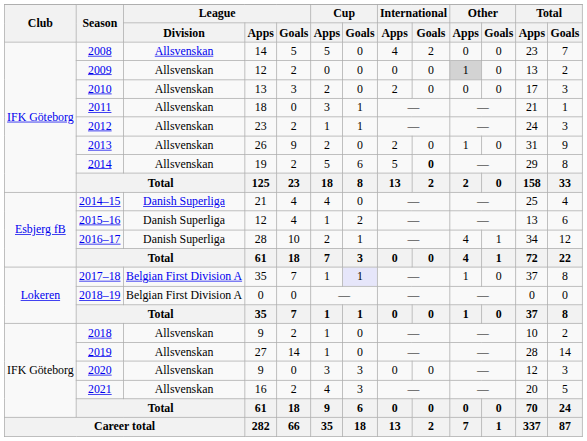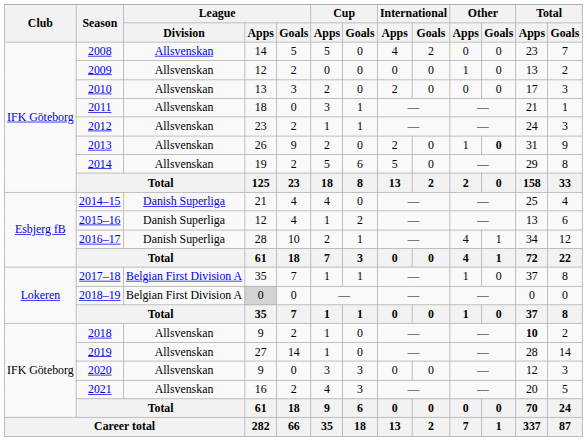 <table class="wikitable" style="text-align:center">
 <tr>
 </tr>
 <tr>
 <th rowspan="2">Club</th>
 <th rowspan="2">Season</th>
 <th colspan="3">League</th>
 <th colspan="2">Cup</th>
 <th colspan="2">International</th>
 <th colspan="2">Other</th>
 <th colspan="2">Total</th>
 </tr>
 <tr>
 <th>Division</th>
 <th>Apps</th>
 <th>Goals</th>
 <th>Apps</th>
 <th>Goals</th>
 <th>Apps</th>
 <th>Goals</th>
 <th>Apps</th>
 <th>Goals</th>
 <th>Apps</th>
 <th>Goals</th>
 </tr>
 <tr>
 <td rowspan="8"><a href='#'>IFK Göteborg</a></td>
 <td><a href='#'>2008</a></td>
 <td><a href='#'>Allsvenskan</a></td>
 <td>14</td>
 <td>5</td>
 <td>5</td>
 <td>0</td>
 <td>4</td>
 <td>2</td>
 <td>0</td>
 <td>0</td>
 <td>23</td>
 <td>7</td>
 </tr>
 <tr>
 <td><a href='#'>2009</a></td>
 <td>Allsvenskan</td>
 <td>12</td>
 <td>2</td>
 <td>0</td>
 <td>0</td>
 <td>0</td>
 <td>0</td>
-<td style="background: lightgrey;">1</td>
+<td>1</td>
 <td>0</td>
 <td>13</td>
 <td>2</td>
 </tr>
 <tr>
 <td><a href='#'>2010</a></td>
 <td>Allsvenskan</td>
 <td>13</td>
 <td>3</td>
 <td>2</td>
 <td>0</td>
 <td>2</td>
 <td>0</td>
 <td>0</td>
 <td>0</td>
 <td>17</td>
 <td>3</td>
 </tr>
 <tr>
 <td><a href='#'>2011</a></td>
 <td>Allsvenskan</td>
 <td>18</td>
 <td>0</td>
 <td>3</td>
 <td>1</td>
 <td colspan="2">—</td>
 <td colspan="2">—</td>
 <td>21</td>
 <td>1</td>
 </tr>
 <tr>
 <td><a href='#'>2012</a></td>
 <td>Allsvenskan</td>
 <td>23</td>
 <td>2</td>
 <td>1</td>
 <td>1</td>
 <td colspan="2">—</td>
 <td colspan="2">—</td>
 <td>24</td>
 <td>3</td>
 </tr>
 <tr>
 <td><a href='#'>2013</a></td>
 <td>Allsvenskan</td>
 <td>26</td>
 <td>9</td>
 <td>2</td>
 <td>0</td>
 <td>2</td>
 <td>0</td>
 <td>1</td>
-<td>0</td>
+<td><strong>0</strong></td>
 <td>31</td>
 <td>9</td>
 </tr>
 <tr>
 <td><a href='#'>2014</a></td>
 <td>Allsvenskan</td>
 <td>19</td>
 <td>2</td>
 <td>5</td>
 <td>6</td>
 <td>5</td>
-<td><strong>0</strong></td>
+<td>0</td>
 <td colspan="2">—</td>
 <td>29</td>
 <td>8</td>
 </tr>
 <tr>
 <th colspan="2">Total</th>
 <th>125</th>
 <th>23</th>
 <th>18</th>
 <th>8</th>
 <th>13</th>
 <th>2</th>
 <th>2</th>
 <th>0</th>
 <th>158</th>
 <th>33</th>
 </tr>
 <tr>
 <td rowspan="4"><a href='#'>Esbjerg fB</a></td>
 <td><a href='#'>2014–15</a></td>
 <td><a href='#'>Danish Superliga</a></td>
 <td>21</td>
 <td>4</td>
 <td>4</td>
 <td>0</td>
 <td colspan="2">—</td>
 <td colspan="2">—</td>
 <td>25</td>
 <td>4</td>
 </tr>
 <tr>
 <td><a href='#'>2015–16</a></td>
 <td>Danish Superliga</td>
 <td>12</td>
 <td>4</td>
 <td>1</td>
 <td>2</td>
 <td colspan="2">—</td>
 <td colspan="2">—</td>
 <td>13</td>
 <td>6</td>
 </tr>
 <tr>
 <td><a href='#'>2016–17</a></td>
 <td>Danish Superliga</td>
 <td>28</td>
 <td>10</td>
 <td>2</td>
 <td>1</td>
 <td colspan="2">—</td>
 <td>4</td>
 <td>1</td>
 <td>34</td>
 <td>12</td>
 </tr>
 <tr>
 <th colspan="2">Total</th>
 <th>61</th>
 <th>18</th>
 <th>7</th>
 <th>3</th>
 <th>0</th>
 <th>0</th>
 <th>4</th>
 <th>1</th>
 <th>72</th>
 <th>22</th>
 </tr>
 <tr>
 <td rowspan="3"><a href='#'>Lokeren</a></td>
 <td><a href='#'>2017–18</a></td>
 <td><a href='#'>Belgian First Division A</a></td>
 <td>35</td>
 <td>7</td>
 <td>1</td>
-<td style="background: lavender;">1</td>
+<td>1</td>
 <td colspan="2">—</td>
 <td>1</td>
 <td>0</td>
 <td>37</td>
 <td>8</td>
 </tr>
 <tr>
 <td><a href='#'>2018–19</a></td>
 <td>Belgian First Division A</td>
-<td>0</td>
+<td style="background: lightgrey;">0</td>
 <td>0</td>
 <td colspan="2">—</td>
 <td colspan="2">—</td>
 <td colspan="2">—</td>
 <td>0</td>
 <td>0</td>
 </tr>
 <tr>
 <th colspan="2">Total</th>
 <th>35</th>
 <th>7</th>
 <th>1</th>
 <th>1</th>
 <th>0</th>
 <th>0</th>
 <th>1</th>
 <th>0</th>
 <th>37</th>
 <th>8</th>
 </tr>
 <tr>
 <td rowspan="5">IFK Göteborg</td>
 <td><a href='#'>2018</a></td>
 <td>Allsvenskan</td>
 <td>9</td>
 <td>2</td>
 <td>1</td>
 <td>0</td>
 <td colspan="2">—</td>
 <td colspan="2">—</td>
-<td>10</td>
+<td><strong>10</strong></td>
 <td>2</td>
 </tr>
 <tr>
 <td><a href='#'>2019</a></td>
 <td>Allsvenskan</td>
 <td>27</td>
 <td>14</td>
 <td>1</td>
 <td>0</td>
 <td colspan="2">—</td>
 <td colspan="2">—</td>
 <td>28</td>
 <td>14</td>
 </tr>
 <tr>
 <td><a href='#'>2020</a></td>
 <td>Allsvenskan</td>
 <td>9</td>
 <td>0</td>
 <td>3</td>
 <td>3</td>
 <td>0</td>
 <td>0</td>
 <td colspan="2">—</td>
 <td>12</td>
 <td>3</td>
 </tr>
 <tr>
 <td><a href='#'>2021</a></td>
 <td>Allsvenskan</td>
 <td>16</td>
 <td>2</td>
 <td>4</td>
 <td>3</td>
 <td colspan="2">—</td>
 <td colspan="2">—</td>
 <td>20</td>
 <td>5</td>
 </tr>
 <tr>
 <th colspan="2">Total</th>
 <th>61</th>
 <th>18</th>
 <th>9</th>
 <th>6</th>
 <th>0</th>
 <th>0</th>
 <th>0</th>
 <th>0</th>
 <th>70</th>
 <th>24</th>
 </tr>
 <tr>
 <th colspan="3">Career total</th>
 <th>282</th>
 <th>66</th>
 <th>35</th>
 <th>18</th>
 <th>13</th>
 <th>2</th>
 <th>7</th>
 <th>1</th>
 <th>337</th>
 <th>87</th>
 </tr>
 </table>
